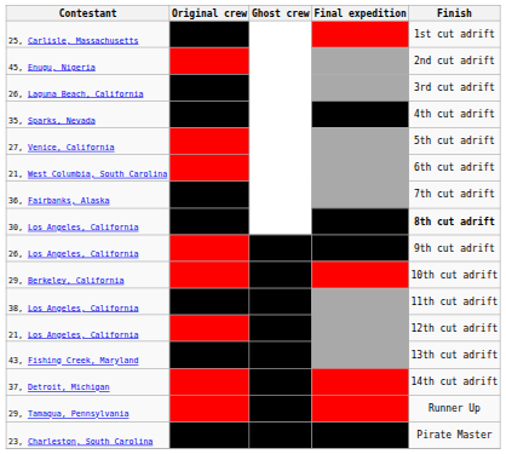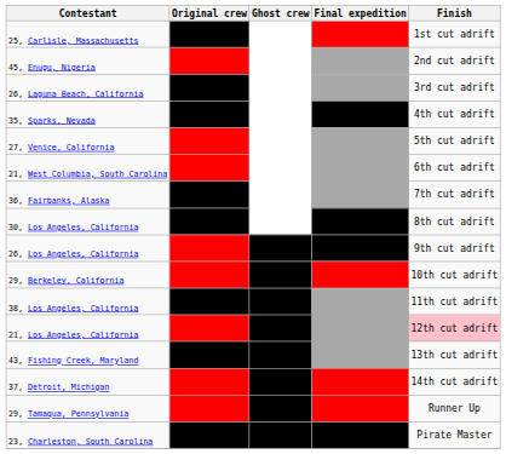 <table class="wikitable sortable nowrap" style="margin:auto; text-align:center">
 <tr>
 <th>Contestant</th>
 <th>Original crew</th>
 <th>Ghost crew</th>
 <th>Final expedition</th>
 <th>Finish</th>
 </tr>
 <tr>
 <td align="left"><strong></strong><br><small>25, <a href='#'>Carlisle, Massachusetts</a></small></td>
 <td bgcolor=black></td>
 <td rowspan=8 bgcolor=white></td>
 <td bgcolor=red></td>
 <td align="center">1st cut adrift</td>
 </tr>
 <tr>
 <td align="left"><strong></strong><br><small>45, <a href='#'>Enugu, Nigeria</a></small></td>
 <td bgcolor=red></td>
 <td bgcolor="darkgray"></td>
 <td align="center">2nd cut adrift</td>
 </tr>
 <tr>
 <td align="left"><strong></strong><br><small>26, <a href='#'>Laguna Beach, California</a></small></td>
 <td bgcolor=black></td>
 <td bgcolor="darkgray"></td>
 <td align="center">3rd cut adrift</td>
 </tr>
 <tr>
 <td align="left"><strong></strong><br><small>35, <a href='#'>Sparks, Nevada</a></small></td>
 <td bgcolor=black></td>
 <td bgcolor=black></td>
 <td align="center">4th cut adrift</td>
 </tr>
 <tr>
 <td align="left"><strong></strong><br><small>27, <a href='#'>Venice, California</a></small></td>
 <td bgcolor=red></td>
 <td rowspan=3 bgcolor="darkgray"></td>
 <td align="center">5th cut adrift</td>
 </tr>
 <tr>
 <td align="left"><strong></strong><br><small>21, <a href='#'>West Columbia, South Carolina</a></small></td>
 <td bgcolor=red></td>
 <td align="center">6th cut adrift</td>
 </tr>
 <tr>
 <td align="left"><strong></strong><br><small>36, <a href='#'>Fairbanks, Alaska</a></small></td>
 <td bgcolor=black></td>
 <td align="center">7th cut adrift</td>
 </tr>
 <tr>
 <td align="left"><strong></strong><br><small>30, <a href='#'>Los Angeles, California</a></small></td>
 <td bgcolor=black></td>
 <td bgcolor=black></td>
-<td align="center"><strong>8th cut adrift</strong></td>
+<td align="center">8th cut adrift</td>
 </tr>
 <tr>
 <td align="left"><strong></strong><br><small>26, <a href='#'>Los Angeles, California</a></small></td>
 <td bgcolor=red></td>
 <td bgcolor=black></td>
 <td bgcolor=black></td>
 <td align="center">9th cut adrift</td>
 </tr>
 <tr>
 <td align="left"><strong></strong><br><small>29, <a href='#'>Berkeley, California</a></small></td>
 <td bgcolor=red></td>
 <td bgcolor=black></td>
 <td bgcolor=red></td>
 <td align="center">10th cut adrift</td>
 </tr>
 <tr>
 <td align="left"><strong></strong><br><small>38, <a href='#'>Los Angeles, California</a></small></td>
 <td bgcolor=black></td>
 <td bgcolor=black></td>
 <td rowspan=3 bgcolor="darkgray"></td>
 <td align="center">11th cut adrift</td>
 </tr>
 <tr>
 <td align="left"><strong></strong><br><small>21, <a href='#'>Los Angeles, California</a></small></td>
 <td bgcolor=red></td>
 <td bgcolor=black></td>
-<td align="center">12th cut adrift</td>
+<td align="center" style="background: pink;">12th cut adrift</td>
 </tr>
 <tr>
 <td align="left"><strong></strong><br><small>43, <a href='#'>Fishing Creek, Maryland</a></small></td>
 <td bgcolor=black></td>
 <td bgcolor=black></td>
 <td align="center">13th cut adrift</td>
 </tr>
 <tr>
 <td align="left"><strong></strong><br><small>37, <a href='#'>Detroit, Michigan</a></small></td>
 <td bgcolor=red></td>
 <td bgcolor=black></td>
 <td bgcolor=red></td>
 <td align="center">14th cut adrift</td>
 </tr>
 <tr>
 <td align="left"><strong></strong><br><small>29, <a href='#'>Tamaqua, Pennsylvania</a></small></td>
 <td bgcolor=red></td>
 <td bgcolor=black></td>
 <td bgcolor=red></td>
 <td align="center">Runner Up</td>
 </tr>
 <tr>
 <td align="left"><strong></strong><br><small>23, <a href='#'>Charleston, South Carolina</a></small></td>
 <td bgcolor=black></td>
 <td bgcolor=black></td>
 <td bgcolor=black></td>
 <td align="center">Pirate Master</td>
 </tr>
 <tr>
 </tr>
 </table>
